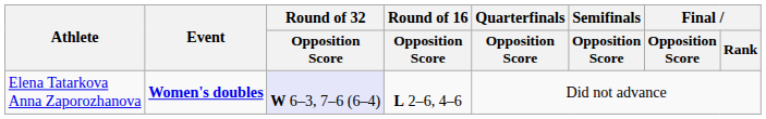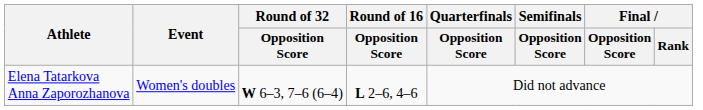 <table class=wikitable style="font-size:90%">
 <tr>
 <th rowspan="2">Athlete</th>
 <th rowspan="2">Event</th>
 <th>Round of 32</th>
 <th>Round of 16</th>
 <th>Quarterfinals</th>
 <th>Semifinals</th>
 <th colspan=2>Final / </th>
 </tr>
 <tr style="font-size:95%">
 <th>Opposition<br>Score</th>
 <th>Opposition<br>Score</th>
 <th>Opposition<br>Score</th>
 <th>Opposition<br>Score</th>
 <th>Opposition<br>Score</th>
 <th>Rank</th>
 </tr>
 <tr align=center>
 <td align=left><a href='#'>Elena Tatarkova</a><br><a href='#'>Anna Zaporozhanova</a></td>
-<td align=left><strong><a href='#'>Women's doubles</a></strong></td>
-<td style="background: lavender;"><br><strong>W</strong> 6–3, 7–6 (6–4)</td>
+<td align=left><a href='#'>Women's doubles</a></td>
+<td><br><strong>W</strong> 6–3, 7–6 (6–4)</td>
 <td><br><strong>L</strong> 2–6, 4–6</td>
 <td colspan=4>Did not advance</td>
 </tr>
 </table>
